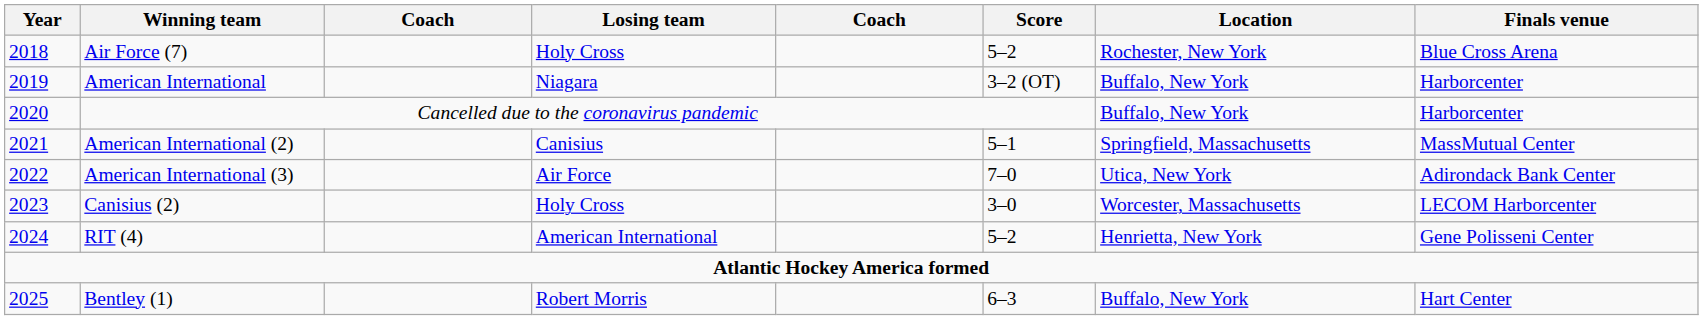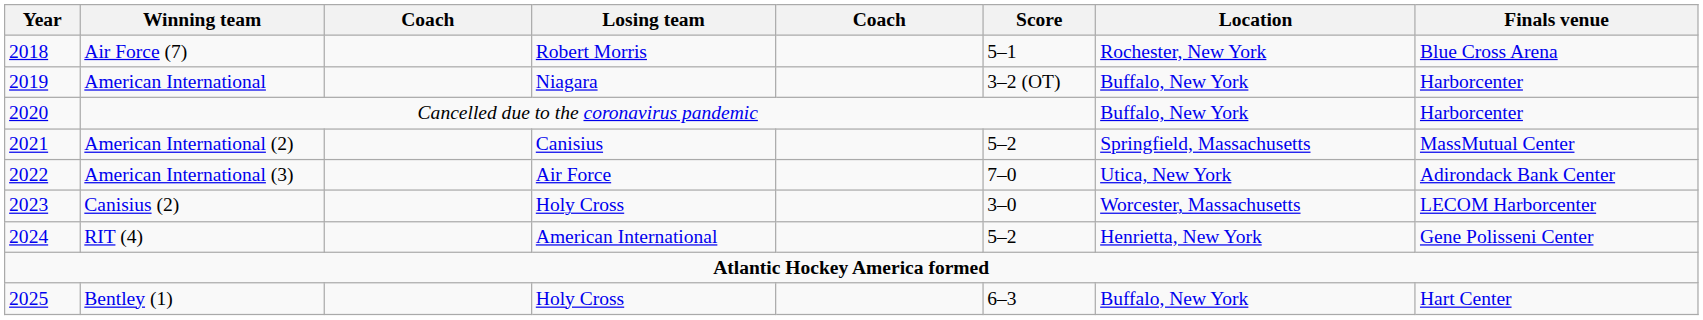 <table class="wikitable sortable" width = 70%>
 <tr>
 <th width=4%>Year</th>
 <th width=13%>Winning team</th>
 <th width=11%>Coach</th>
 <th width=13%>Losing team</th>
 <th width=11%>Coach</th>
 <th width=6%>Score</th>
 <th width=17%>Location</th>
 <th width=15%>Finals venue</th>
 </tr>
 <tr>
 <td><a href='#'>2018</a></td>
 <td><a href='#'>Air Force</a> (7)</td>
 <td></td>
-<td><a href='#'>Holy Cross</a></td>
+<td><a href='#'>Robert Morris</a></td>
 <td></td>
-<td>5–2</td>
+<td>5–1</td>
 <td><a href='#'>Rochester, New York</a></td>
 <td><a href='#'>Blue Cross Arena</a></td>
 </tr>
 <tr>
 <td><a href='#'>2019</a></td>
 <td><a href='#'>American International</a></td>
 <td></td>
 <td><a href='#'>Niagara</a></td>
 <td></td>
 <td>3–2 (OT)</td>
 <td><a href='#'>Buffalo, New York</a></td>
 <td><a href='#'>Harborcenter</a></td>
 </tr>
 <tr>
 <td><a href='#'>2020</a></td>
 <td colspan=5 align=center><em>Cancelled due to the <a href='#'>coronavirus pandemic</a></em></td>
 <td><a href='#'>Buffalo, New York</a></td>
 <td><a href='#'>Harborcenter</a></td>
 </tr>
 <tr>
 <td><a href='#'>2021</a></td>
 <td><a href='#'>American International</a> (2)</td>
 <td></td>
 <td><a href='#'>Canisius</a></td>
 <td></td>
-<td>5–1</td>
+<td>5–2</td>
 <td><a href='#'>Springfield, Massachusetts</a></td>
 <td><a href='#'>MassMutual Center</a></td>
 </tr>
 <tr>
 <td><a href='#'>2022</a></td>
 <td><a href='#'>American International</a> (3)</td>
 <td></td>
 <td><a href='#'>Air Force</a></td>
 <td></td>
 <td>7–0</td>
 <td><a href='#'>Utica, New York</a></td>
 <td><a href='#'>Adirondack Bank Center</a></td>
 </tr>
 <tr>
 <td><a href='#'>2023</a></td>
 <td><a href='#'>Canisius</a> (2)</td>
 <td></td>
 <td><a href='#'>Holy Cross</a></td>
 <td></td>
 <td>3–0</td>
 <td><a href='#'>Worcester, Massachusetts</a></td>
 <td><a href='#'>LECOM Harborcenter</a></td>
 </tr>
 <tr>
 <td><a href='#'>2024</a></td>
 <td><a href='#'>RIT</a> (4)</td>
 <td></td>
 <td><a href='#'>American International</a></td>
 <td></td>
 <td>5–2</td>
 <td><a href='#'>Henrietta, New York</a></td>
 <td><a href='#'>Gene Polisseni Center</a></td>
 </tr>
 <tr align=center>
 <td colspan=8,><strong>Atlantic Hockey America formed</strong></td>
 </tr>
 <tr>
 <td><a href='#'>2025</a></td>
 <td><a href='#'>Bentley</a> (1)</td>
 <td></td>
-<td><a href='#'>Robert Morris</a></td>
+<td><a href='#'>Holy Cross</a></td>
 <td></td>
 <td>6–3</td>
 <td><a href='#'>Buffalo, New York</a></td>
 <td><a href='#'>Hart Center</a></td>
 </tr>
 </table>
